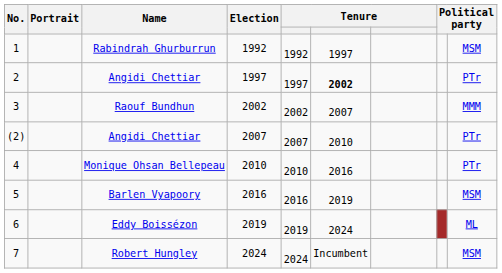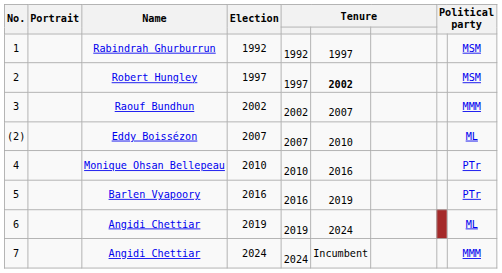 <table class="wikitable" style="font-size:90%;text-align:center">
 <tr>
 <th rowspan="2">No.</th>
 <th rowspan="2">Portrait</th>
 <th rowspan="2">Name<br></th>
 <th rowspan="2">Election</th>
 <th colspan="3">Tenure</th>
 <th rowspan="2" colspan="2">Political<br>party</th>
 </tr>
 <tr>
 <th></th>
 <th></th>
 <th width="70"></th>
 </tr>
 <tr>
 <td>1</td>
 <td></td>
 <td><a href='#'>Rabindrah Ghurburrun</a><br></td>
 <td>1992</td>
 <td><br> 1992</td>
 <td><br> 1997</td>
 <td></td>
 <td style="background: "></td>
 <td><a href='#'>MSM</a></td>
 </tr>
 <tr>
 <td>2</td>
 <td></td>
-<td><a href='#'>Angidi Chettiar</a><br></td>
+<td><a href='#'>Robert Hungley</a><br></td>
 <td>1997</td>
 <td><br> 1997</td>
 <td><strong><br> 2002</strong></td>
 <td></td>
 <td style="background: "></td>
-<td><a href='#'>PTr</a></td>
+<td><a href='#'>MSM</a></td>
 </tr>
 <tr>
 <td>3</td>
 <td></td>
 <td><a href='#'>Raouf Bundhun</a><br></td>
 <td>2002</td>
 <td><br> 2002</td>
 <td><br> 2007</td>
 <td></td>
 <td style="background: "></td>
 <td><a href='#'>MMM</a></td>
 </tr>
 <tr>
 <td>(2)</td>
 <td></td>
-<td><a href='#'>Angidi Chettiar</a><br></td>
+<td><a href='#'>Eddy Boissézon</a><br></td>
 <td>2007</td>
 <td><br> 2007</td>
 <td><br> 2010</td>
 <td></td>
 <td style="background: "></td>
-<td><a href='#'>PTr</a></td>
+<td><a href='#'>ML</a></td>
 </tr>
 <tr>
 <td>4</td>
 <td></td>
 <td><a href='#'>Monique Ohsan Bellepeau</a><br></td>
 <td>2010</td>
 <td><br> 2010</td>
 <td><br> 2016</td>
 <td></td>
 <td style="background: "></td>
 <td><a href='#'>PTr</a></td>
 </tr>
 <tr>
 <td>5</td>
 <td></td>
 <td><a href='#'>Barlen Vyapoory</a><br></td>
 <td>2016</td>
 <td><br> 2016</td>
 <td><br> 2019</td>
 <td></td>
 <td style="background: "></td>
-<td><a href='#'>MSM</a></td>
+<td><a href='#'>PTr</a></td>
 </tr>
 <tr>
 <td>6</td>
 <td></td>
-<td><a href='#'>Eddy Boissézon</a><br></td>
+<td><a href='#'>Angidi Chettiar</a><br></td>
 <td>2019</td>
 <td><br> 2019</td>
 <td><br> 2024</td>
 <td></td>
 <td style="background: brown;"></td>
 <td><a href='#'>ML</a></td>
 </tr>
 <tr>
 <td>7</td>
 <td></td>
-<td><a href='#'>Robert Hungley</a><br></td>
+<td><a href='#'>Angidi Chettiar</a><br></td>
 <td>2024</td>
 <td><br> 2024</td>
 <td>Incumbent</td>
 <td></td>
 <td style="background: "></td>
-<td><a href='#'>MSM</a></td>
+<td><a href='#'>MMM</a></td>
 </tr>
 </table>
